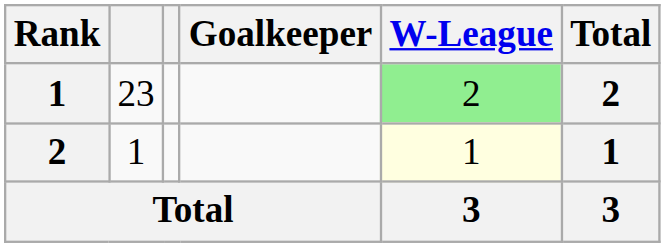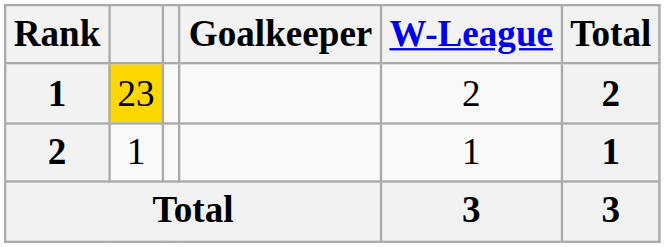 <table class="wikitable" style="text-align:center">
 <tr>
 <th>Rank</th>
 <th></th>
 <th></th>
 <th>Goalkeeper</th>
 <th><a href='#'>W-League</a></th>
 <th>Total</th>
 </tr>
 <tr>
 <th>1</th>
-<td>23</td>
+<td style="background: gold;">23</td>
 <td></td>
 <td align="left"></td>
-<td style="background: lightgreen;">2</td>
+<td>2</td>
 <th>2</th>
 </tr>
 <tr>
 <th>2</th>
 <td>1</td>
 <td></td>
 <td align="left"></td>
-<td style="background: lightyellow;">1</td>
+<td>1</td>
 <th>1</th>
 </tr>
 <tr>
 <th colspan="4">Total</th>
 <th>3</th>
 <th>3</th>
 </tr>
 </table>
